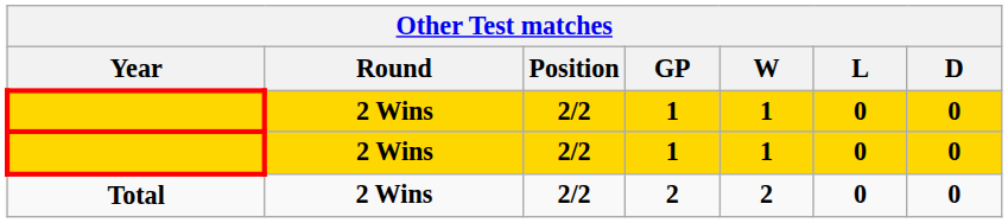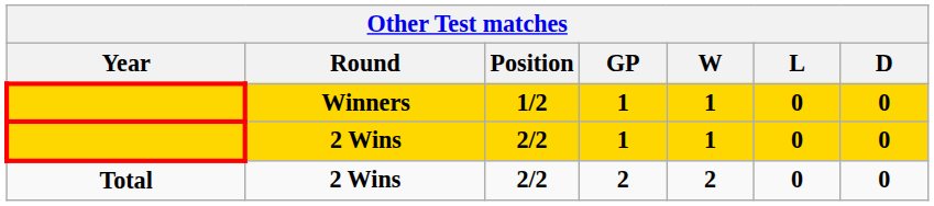 <table class="wikitable" style="text-align: center;">
 <tr>
 <th colspan=9><a href='#'>Other Test matches</a></th>
 </tr>
 <tr>
 <th width=150>Year</th>
 <th width=150>Round</th>
 <th width=50>Position</th>
 <th width=50>GP</th>
 <th width=50>W</th>
 <th width=50>L</th>
 <th width=50>D</th>
 </tr>
 <tr bgcolor=Gold>
 <td style="border: 3px solid red"></td>
-<td><strong>2 Wins</strong></td>
-<td><strong>2/2</strong></td>
+<td><strong>Winners</strong></td>
+<td><strong>1/2</strong></td>
 <td><strong>1</strong></td>
 <td><strong>1</strong></td>
 <td><strong>0</strong></td>
 <td><strong>0</strong></td>
 </tr>
 <tr bgcolor=Gold>
 <td style="border: 3px solid red"></td>
 <td><strong>2 Wins</strong></td>
 <td><strong>2/2</strong></td>
 <td><strong>1</strong></td>
 <td><strong>1</strong></td>
 <td><strong>0</strong></td>
 <td><strong>0</strong></td>
 </tr>
 <tr>
 <td><strong>Total</strong></td>
 <td><strong>2 Wins</strong></td>
 <td><strong>2/2</strong></td>
 <td><strong>2</strong></td>
 <td><strong>2</strong></td>
 <td><strong>0</strong></td>
 <td><strong>0</strong></td>
 </tr>
 </table>
